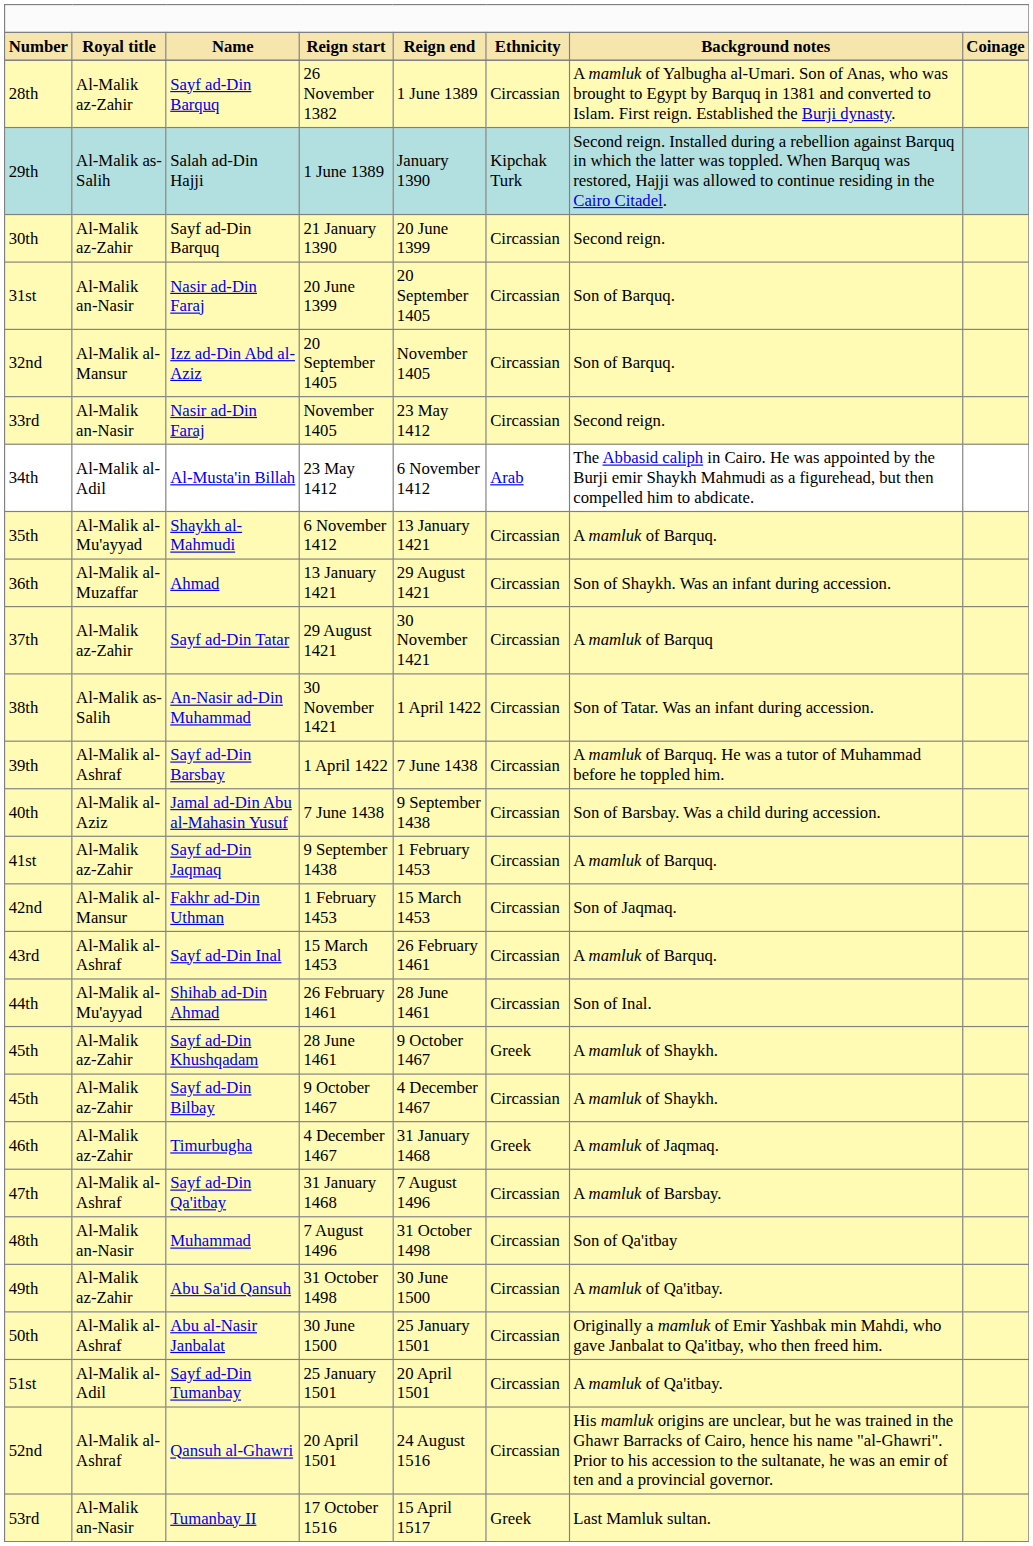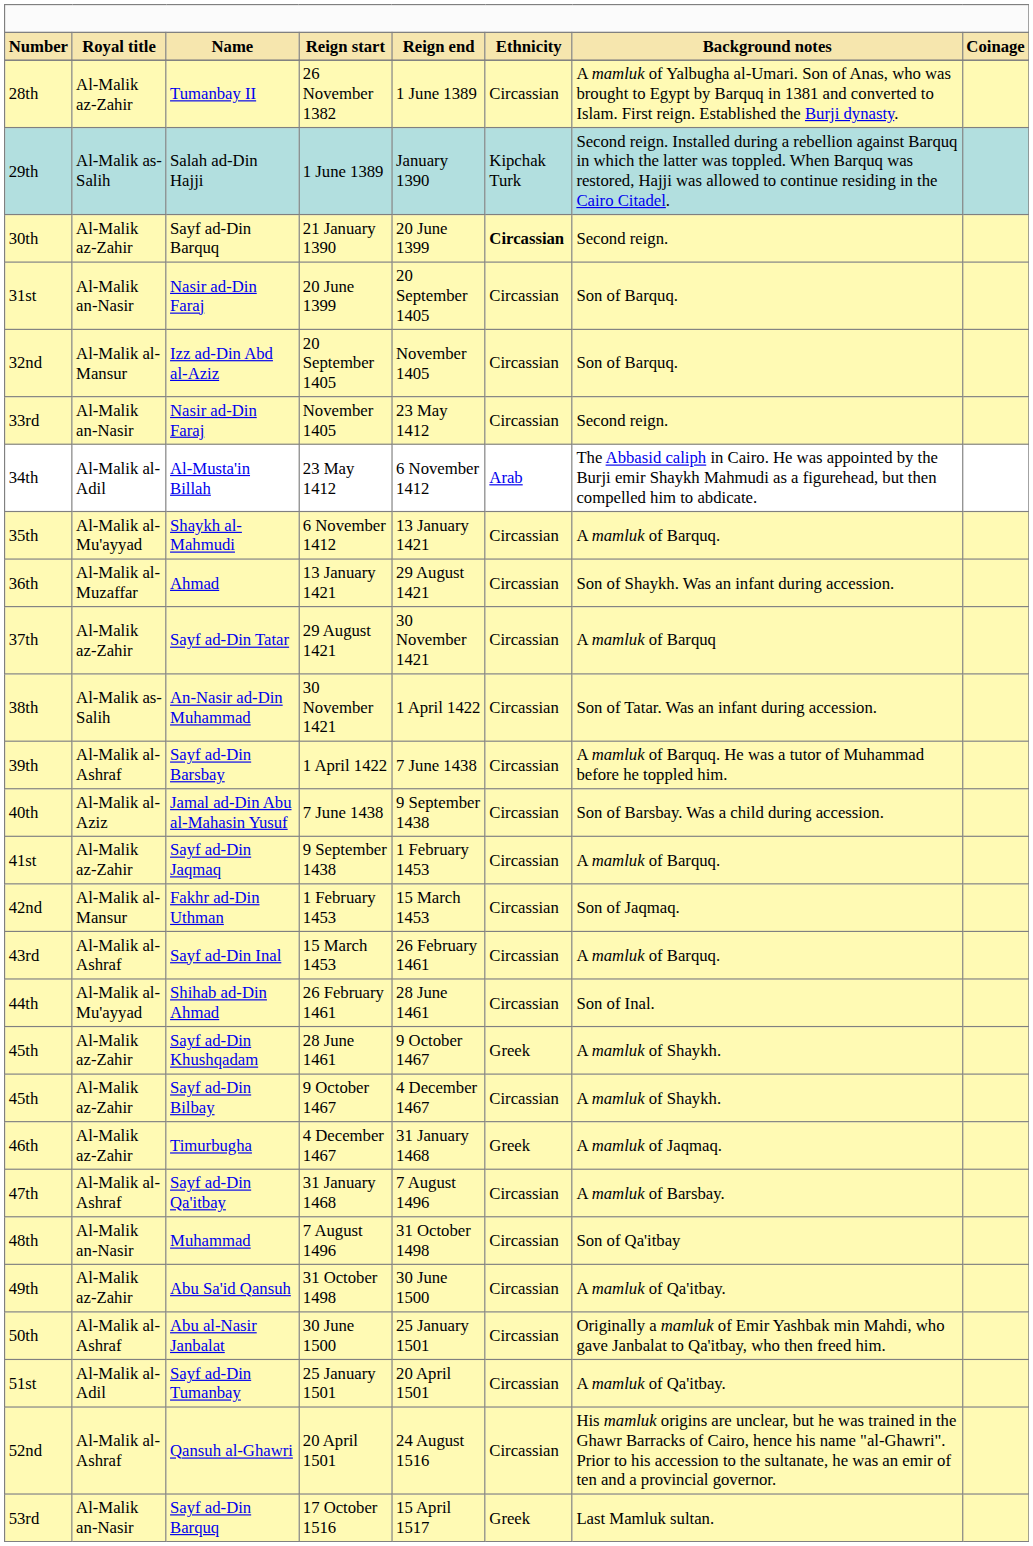 <table class="nowraplinks" cellspacing="0" cellpadding="3" rules="all" style="background:#fbfbfb; border-style: solid; border-width: 1px; font-size:90%; empty-cells:show; border-collapse:collapse">
 <tr>
 <th colspan="11"><br>  </th>
 </tr>
 <tr>
 </tr>
 <tr style="background:#f6e6ae;">
 <th>Number</th>
 <th>Royal title</th>
 <th>Name</th>
 <th>Reign start</th>
 <th>Reign end</th>
 <th>Ethnicity</th>
 <th>Background notes</th>
 <th>Coinage</th>
 </tr>
 <tr>
 </tr>
 <tr bgcolor="#fffab4">
 <td>28th</td>
 <td>Al-Malik az-Zahir</td>
-<td><a href='#'>Sayf ad-Din Barquq</a></td>
+<td><a href='#'>Tumanbay II</a></td>
 <td>26 November 1382</td>
 <td>1 June 1389</td>
 <td>Circassian</td>
 <td>A <em>mamluk</em> of Yalbugha al-Umari. Son of Anas, who was brought to Egypt by Barquq in 1381 and converted to Islam. First reign. Established the <a href='#'>Burji dynasty</a>.</td>
 <td></td>
 </tr>
 <tr bgcolor="#b2dfdf">
 <td>29th</td>
 <td>Al-Malik as-Salih</td>
 <td>Salah ad-Din Hajji</td>
 <td>1 June 1389</td>
 <td>January 1390</td>
 <td>Kipchak Turk</td>
 <td>Second reign. Installed during a rebellion against Barquq in which the latter was toppled. When Barquq was restored, Hajji was allowed to continue residing in the <a href='#'>Cairo Citadel</a>.</td>
 <td></td>
 </tr>
 <tr bgcolor="#fffab4">
 <td>30th</td>
 <td>Al-Malik az-Zahir</td>
 <td>Sayf ad-Din Barquq</td>
 <td>21 January 1390</td>
 <td>20 June 1399</td>
-<td>Circassian</td>
+<td><strong>Circassian</strong></td>
 <td>Second reign.</td>
 <td></td>
 </tr>
 <tr bgcolor="#fffab4">
 <td>31st</td>
 <td>Al-Malik an-Nasir</td>
 <td><a href='#'>Nasir ad-Din Faraj</a></td>
 <td>20 June 1399</td>
 <td>20 September 1405</td>
 <td>Circassian</td>
 <td>Son of Barquq.</td>
 <td></td>
 </tr>
 <tr bgcolor="#fffab4">
 <td>32nd</td>
 <td>Al-Malik al-Mansur</td>
 <td><a href='#'>Izz ad-Din Abd al-Aziz</a></td>
 <td>20 September 1405</td>
 <td>November 1405</td>
 <td>Circassian</td>
 <td>Son of Barquq.</td>
 <td></td>
 </tr>
 <tr bgcolor="#fffab4">
 <td>33rd</td>
 <td>Al-Malik an-Nasir</td>
 <td><a href='#'>Nasir ad-Din Faraj</a></td>
 <td>November 1405</td>
 <td>23 May 1412</td>
 <td>Circassian</td>
 <td>Second reign.</td>
 <td></td>
 </tr>
 <tr bgcolor="#ffffff">
 <td>34th</td>
 <td>Al-Malik al-Adil</td>
 <td><a href='#'>Al-Musta'in Billah</a></td>
 <td>23 May 1412</td>
 <td>6 November 1412</td>
 <td><a href='#'>Arab</a></td>
 <td>The <a href='#'>Abbasid caliph</a> in Cairo. He was appointed by the Burji emir Shaykh Mahmudi as a figurehead, but then compelled him to abdicate.</td>
 <td></td>
 </tr>
 <tr bgcolor="#fffab4">
 <td>35th</td>
 <td>Al-Malik al-Mu'ayyad</td>
 <td><a href='#'>Shaykh al-Mahmudi</a></td>
 <td>6 November 1412</td>
 <td>13 January 1421</td>
 <td>Circassian</td>
 <td>A <em>mamluk</em> of Barquq.</td>
 <td></td>
 </tr>
 <tr bgcolor="#fffab4">
 <td>36th</td>
 <td>Al-Malik al-Muzaffar</td>
 <td><a href='#'>Ahmad</a></td>
 <td>13 January 1421</td>
 <td>29 August 1421</td>
 <td>Circassian</td>
 <td>Son of Shaykh. Was an infant during accession.</td>
 <td></td>
 </tr>
 <tr bgcolor="#fffab4">
 <td>37th</td>
 <td>Al-Malik az-Zahir</td>
 <td><a href='#'>Sayf ad-Din Tatar</a></td>
 <td>29 August 1421</td>
 <td>30 November 1421</td>
 <td>Circassian</td>
 <td>A <em>mamluk</em> of Barquq</td>
 <td></td>
 </tr>
 <tr bgcolor="#fffab4">
 <td>38th</td>
 <td>Al-Malik as-Salih</td>
 <td><a href='#'>An-Nasir ad-Din Muhammad</a></td>
 <td>30 November 1421</td>
 <td>1 April 1422</td>
 <td>Circassian</td>
 <td>Son of Tatar. Was an infant during accession.</td>
 <td></td>
 </tr>
 <tr bgcolor="#fffab4">
 <td>39th</td>
 <td>Al-Malik al-Ashraf</td>
 <td><a href='#'>Sayf ad-Din Barsbay</a></td>
 <td>1 April 1422</td>
 <td>7 June 1438</td>
 <td>Circassian</td>
 <td>A <em>mamluk</em> of Barquq. He was a tutor of Muhammad before he toppled him.</td>
 <td></td>
 </tr>
 <tr bgcolor="#fffab4">
 <td>40th</td>
 <td>Al-Malik al-Aziz</td>
 <td><a href='#'>Jamal ad-Din Abu al-Mahasin Yusuf</a></td>
 <td>7 June 1438</td>
 <td>9 September 1438</td>
 <td>Circassian</td>
 <td>Son of Barsbay. Was a child during accession.</td>
 <td></td>
 </tr>
 <tr bgcolor="#fffab4">
 <td>41st</td>
 <td>Al-Malik az-Zahir</td>
 <td><a href='#'>Sayf ad-Din Jaqmaq</a></td>
 <td>9 September 1438</td>
 <td>1 February 1453</td>
 <td>Circassian</td>
 <td>A <em>mamluk</em> of Barquq.</td>
 <td></td>
 </tr>
 <tr bgcolor="#fffab4">
 <td>42nd</td>
 <td>Al-Malik al-Mansur</td>
 <td><a href='#'>Fakhr ad-Din Uthman</a></td>
 <td>1 February 1453</td>
 <td>15 March 1453</td>
 <td>Circassian</td>
 <td>Son of Jaqmaq.</td>
 <td></td>
 </tr>
 <tr bgcolor="#fffab4">
 <td>43rd</td>
 <td>Al-Malik al-Ashraf</td>
 <td><a href='#'>Sayf ad-Din Inal</a></td>
 <td>15 March 1453</td>
 <td>26 February 1461</td>
 <td>Circassian</td>
 <td>A <em>mamluk</em> of Barquq.</td>
 <td></td>
 </tr>
 <tr bgcolor="#fffab4">
 <td>44th</td>
 <td>Al-Malik al-Mu'ayyad</td>
 <td><a href='#'>Shihab ad-Din Ahmad</a></td>
 <td>26 February 1461</td>
 <td>28 June 1461</td>
 <td>Circassian</td>
 <td>Son of Inal.</td>
 <td></td>
 </tr>
 <tr bgcolor="#fffab4">
 <td>45th</td>
 <td>Al-Malik az-Zahir</td>
 <td><a href='#'>Sayf ad-Din Khushqadam</a></td>
 <td>28 June 1461</td>
 <td>9 October 1467</td>
 <td>Greek</td>
 <td>A <em>mamluk</em> of Shaykh.</td>
 <td></td>
 </tr>
 <tr bgcolor="#fffab4">
 <td>45th</td>
 <td>Al-Malik az-Zahir</td>
 <td><a href='#'>Sayf ad-Din Bilbay</a></td>
 <td>9 October 1467</td>
 <td>4 December 1467</td>
 <td>Circassian</td>
 <td>A <em>mamluk</em> of Shaykh.</td>
 <td></td>
 </tr>
 <tr bgcolor="#fffab4">
 <td>46th</td>
 <td>Al-Malik az-Zahir</td>
 <td><a href='#'>Timurbugha</a></td>
 <td>4 December 1467</td>
 <td>31 January 1468</td>
 <td>Greek</td>
 <td>A <em>mamluk</em> of Jaqmaq.</td>
 <td></td>
 </tr>
 <tr bgcolor="#fffab4">
 <td>47th</td>
 <td>Al-Malik al-Ashraf</td>
 <td><a href='#'>Sayf ad-Din Qa'itbay</a></td>
 <td>31 January 1468</td>
 <td>7 August 1496</td>
 <td>Circassian</td>
 <td>A <em>mamluk</em> of Barsbay.</td>
 <td></td>
 </tr>
 <tr bgcolor="#fffab4">
 <td>48th</td>
 <td>Al-Malik an-Nasir</td>
 <td><a href='#'>Muhammad</a></td>
 <td>7 August 1496</td>
 <td>31 October 1498</td>
 <td>Circassian</td>
 <td>Son of Qa'itbay</td>
 <td></td>
 </tr>
 <tr bgcolor="#fffab4">
 <td>49th</td>
 <td>Al-Malik az-Zahir</td>
 <td><a href='#'>Abu Sa'id Qansuh</a></td>
 <td>31 October 1498</td>
 <td>30 June 1500</td>
 <td>Circassian</td>
 <td>A <em>mamluk</em> of Qa'itbay.</td>
 <td></td>
 </tr>
 <tr bgcolor="#fffab4">
 <td>50th</td>
 <td>Al-Malik al-Ashraf</td>
 <td><a href='#'>Abu al-Nasir Janbalat</a></td>
 <td>30 June 1500</td>
 <td>25 January 1501</td>
 <td>Circassian</td>
 <td>Originally a <em>mamluk</em> of Emir Yashbak min Mahdi, who gave Janbalat to Qa'itbay, who then freed him.</td>
 <td></td>
 </tr>
 <tr bgcolor="#fffab4">
 <td>51st</td>
 <td>Al-Malik al-Adil</td>
 <td><a href='#'>Sayf ad-Din Tumanbay</a></td>
 <td>25 January 1501</td>
 <td>20 April 1501</td>
 <td>Circassian</td>
 <td>A <em>mamluk</em> of Qa'itbay.</td>
 <td></td>
 </tr>
 <tr bgcolor="#fffab4">
 <td>52nd</td>
 <td>Al-Malik al-Ashraf</td>
 <td><a href='#'>Qansuh al-Ghawri</a></td>
 <td>20 April 1501</td>
 <td>24 August 1516</td>
 <td>Circassian</td>
 <td>His <em>mamluk</em> origins are unclear, but he was trained in the Ghawr Barracks of Cairo, hence his name "al-Ghawri". Prior to his accession to the sultanate, he was an emir of ten and a provincial governor.</td>
 <td></td>
 </tr>
 <tr bgcolor="#fffab4">
 <td>53rd</td>
 <td>Al-Malik an-Nasir</td>
-<td><a href='#'>Tumanbay II</a></td>
+<td><a href='#'>Sayf ad-Din Barquq</a></td>
 <td>17 October 1516</td>
 <td>15 April 1517</td>
 <td>Greek</td>
 <td>Last Mamluk sultan.</td>
 <td></td>
 </tr>
 </table>
